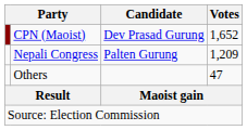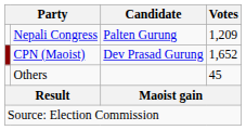 <table class="wikitable">
 <tr>
 <th colspan="2">Party</th>
 <th>Candidate</th>
 <th>Votes</th>
+</tr>
+<tr>
+<td style="background-color:"></td>
+<td><a href='#'>Nepali Congress</a></td>
+<td><a href='#'>Palten Gurung</a></td>
+<td>1,209</td>
 </tr>
 <tr>
 <td style="background-color:darkred"></td>
 <td><a href='#'>CPN (Maoist)</a></td>
 <td><a href='#'>Dev Prasad Gurung</a></td>
 <td>1,652</td>
 </tr>
 <tr>
-<td style="background-color:"></td>
-<td><a href='#'>Nepali Congress</a></td>
-<td><a href='#'>Palten Gurung</a></td>
-<td>1,209</td>
-</tr>
-<tr>
 <td></td>
 <td>Others</td>
 <td></td>
-<td>47</td>
+<td>45</td>
 </tr>
 <tr>
 <th colspan="2">Result</th>
 <th colspan="2">Maoist gain</th>
 </tr>
 <tr>
 <td colspan="4">Source: Election Commission</td>
 </tr>
 </table>
